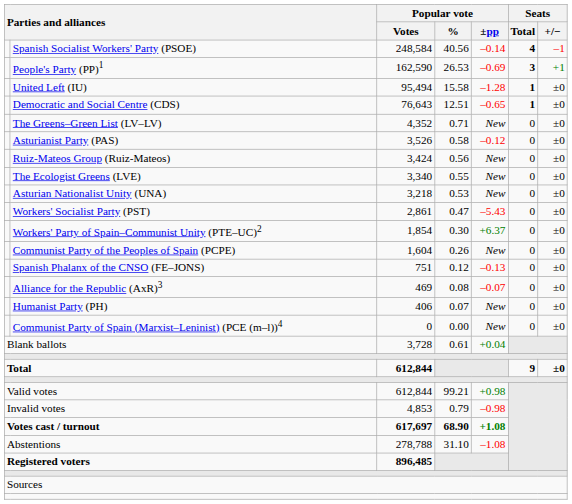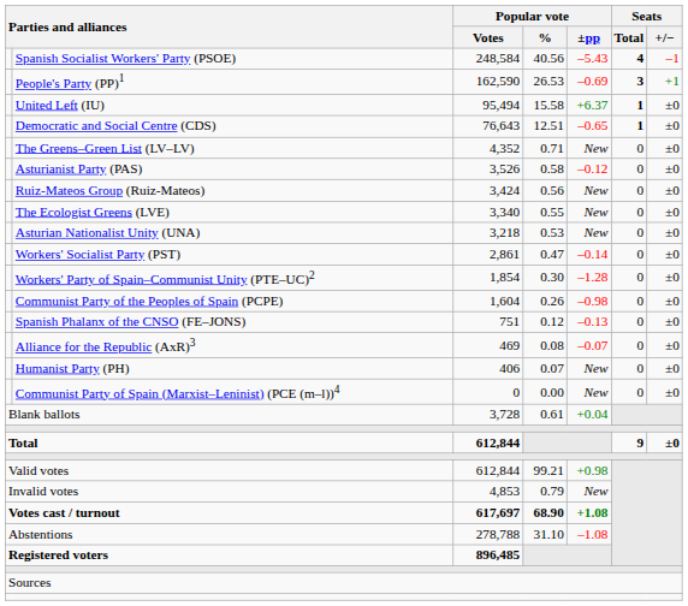 <table class="wikitable" style="text-align:right;">
 <tr>
 <th style="text-align:left;" rowspan="2" colspan="2" width="525">Parties and alliances</th>
 <th colspan="3">Popular vote</th>
 <th colspan="2">Seats</th>
 </tr>
 <tr>
 <th width="75">Votes</th>
 <th width="45">%</th>
 <th width="45">±<a href='#'>pp</a></th>
 <th width="35">Total</th>
 <th width="35">+/−</th>
 </tr>
 <tr>
 <td width="1" style="color:inherit;background:"></td>
 <td align="left"><a href='#'>Spanish Socialist Workers' Party</a> (PSOE)</td>
 <td>248,584</td>
 <td>40.56</td>
-<td style="color:red;">–0.14</td>
+<td style="color:red;">–5.43</td>
 <td><strong>4</strong></td>
 <td style="color:red;">–1</td>
 </tr>
 <tr>
 <td style="color:inherit;background:"></td>
 <td align="left"><a href='#'>People's Party</a> (PP)<sup>1</sup></td>
 <td>162,590</td>
 <td>26.53</td>
 <td style="color:red;">–0.69</td>
 <td><strong>3</strong></td>
 <td style="color:green;">+1</td>
 </tr>
 <tr>
 <td style="color:inherit;background:"></td>
 <td align="left"><a href='#'>United Left</a> (IU)</td>
 <td>95,494</td>
 <td>15.58</td>
-<td style="color:red;">–1.28</td>
+<td style="color:green;">+6.37</td>
 <td><strong>1</strong></td>
 <td>±0</td>
 </tr>
 <tr>
 <td style="color:inherit;background:"></td>
 <td align="left"><a href='#'>Democratic and Social Centre</a> (CDS)</td>
 <td>76,643</td>
 <td>12.51</td>
 <td style="color:red;">–0.65</td>
 <td><strong>1</strong></td>
 <td>±0</td>
 </tr>
 <tr>
 <td style="color:inherit;background:"></td>
 <td align="left"><a href='#'>The Greens–Green List</a> (LV–LV)</td>
 <td>4,352</td>
 <td>0.71</td>
 <td><em>New</em></td>
 <td>0</td>
 <td>±0</td>
 </tr>
 <tr>
 <td style="color:inherit;background:"></td>
 <td align="left"><a href='#'>Asturianist Party</a> (PAS)</td>
 <td>3,526</td>
 <td>0.58</td>
 <td style="color:red;">–0.12</td>
 <td>0</td>
 <td>±0</td>
 </tr>
 <tr>
 <td style="color:inherit;background:"></td>
 <td align="left"><a href='#'>Ruiz-Mateos Group</a> (Ruiz-Mateos)</td>
 <td>3,424</td>
 <td>0.56</td>
 <td><em>New</em></td>
 <td>0</td>
 <td>±0</td>
 </tr>
 <tr>
 <td style="color:inherit;background:"></td>
 <td align="left"><a href='#'>The Ecologist Greens</a> (LVE)</td>
 <td>3,340</td>
 <td>0.55</td>
 <td><em>New</em></td>
 <td>0</td>
 <td>±0</td>
 </tr>
 <tr>
 <td style="color:inherit;background:"></td>
 <td align="left"><a href='#'>Asturian Nationalist Unity</a> (UNA)</td>
 <td>3,218</td>
 <td>0.53</td>
 <td><em>New</em></td>
 <td>0</td>
 <td>±0</td>
 </tr>
 <tr>
 <td style="color:inherit;background:"></td>
 <td align="left"><a href='#'>Workers' Socialist Party</a> (PST)</td>
 <td>2,861</td>
 <td>0.47</td>
-<td style="color:red;">–5.43</td>
+<td style="color:red;">–0.14</td>
 <td>0</td>
 <td>±0</td>
 </tr>
 <tr>
 <td style="color:inherit;background:"></td>
 <td align="left"><a href='#'>Workers' Party of Spain–Communist Unity</a> (PTE–UC)<sup>2</sup></td>
 <td>1,854</td>
 <td>0.30</td>
-<td style="color:green;">+6.37</td>
+<td style="color:red;">–1.28</td>
 <td>0</td>
 <td>±0</td>
 </tr>
 <tr>
 <td style="color:inherit;background:"></td>
 <td align="left"><a href='#'>Communist Party of the Peoples of Spain</a> (PCPE)</td>
 <td>1,604</td>
 <td>0.26</td>
-<td><em>New</em></td>
+<td style="color:red;">–0.98</td>
 <td>0</td>
 <td>±0</td>
 </tr>
 <tr>
 <td style="color:inherit;background:"></td>
 <td align="left"><a href='#'>Spanish Phalanx of the CNSO</a> (FE–JONS)</td>
 <td>751</td>
 <td>0.12</td>
 <td style="color:red;">–0.13</td>
 <td>0</td>
 <td>±0</td>
 </tr>
 <tr>
 <td style="color:inherit;background:"></td>
 <td align="left"><a href='#'>Alliance for the Republic</a> (AxR)<sup>3</sup></td>
 <td>469</td>
 <td>0.08</td>
 <td style="color:red;">–0.07</td>
 <td>0</td>
 <td>±0</td>
 </tr>
 <tr>
 <td style="color:inherit;background:"></td>
 <td align="left"><a href='#'>Humanist Party</a> (PH)</td>
 <td>406</td>
 <td>0.07</td>
 <td><em>New</em></td>
 <td>0</td>
 <td>±0</td>
 </tr>
 <tr>
 <td style="color:inherit;background:"></td>
 <td align="left"><a href='#'>Communist Party of Spain (Marxist–Leninist)</a> (PCE (m–l))<sup>4</sup></td>
 <td>0</td>
 <td>0.00</td>
 <td><em>New</em></td>
 <td>0</td>
 <td>±0</td>
 </tr>
 <tr>
 <td align="left" colspan="2">Blank ballots</td>
 <td>3,728</td>
 <td>0.61</td>
 <td style="color:green;">+0.04</td>
 <td bgcolor="#E9E9E9" colspan="2"></td>
 </tr>
 <tr>
 <td colspan="7" bgcolor="#E9E9E9"></td>
 </tr>
 <tr style="font-weight:bold;">
 <td align="left" colspan="2">Total</td>
 <td>612,844</td>
 <td bgcolor="#E9E9E9" colspan="2"></td>
 <td>9</td>
 <td>±0</td>
 </tr>
 <tr>
 <td colspan="7" bgcolor="#E9E9E9"></td>
 </tr>
 <tr>
 <td align="left" colspan="2">Valid votes</td>
 <td>612,844</td>
 <td>99.21</td>
 <td style="color:green;">+0.98</td>
 <td bgcolor="#E9E9E9" colspan="2" rowspan="5"></td>
 </tr>
 <tr>
 <td align="left" colspan="2">Invalid votes</td>
 <td>4,853</td>
 <td>0.79</td>
-<td style="color:red;">–0.98</td>
+<td><em>New</em></td>
 </tr>
 <tr style="font-weight:bold;">
 <td align="left" colspan="2">Votes cast / turnout</td>
 <td>617,697</td>
 <td>68.90</td>
 <td style="color:green;">+1.08</td>
 </tr>
 <tr>
 <td align="left" colspan="2">Abstentions</td>
 <td>278,788</td>
 <td>31.10</td>
 <td style="color:red;">–1.08</td>
 </tr>
 <tr style="font-weight:bold;">
 <td align="left" colspan="2">Registered voters</td>
 <td>896,485</td>
 <td bgcolor="#E9E9E9" colspan="2"></td>
 </tr>
 <tr>
 <td colspan="7" bgcolor="#E9E9E9"></td>
 </tr>
 <tr>
 <td align="left" colspan="7">Sources</td>
 </tr>
 <tr>
 <td colspan="7" style="text-align:left; max-width:790px;"></td>
 </tr>
 </table>
